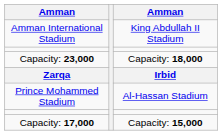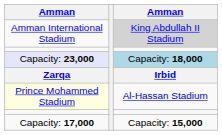 <table class=wikitable style="text-align:center;margin:1em auto;">
 <tr>
 <th width=160><a href='#'>Amman</a></th>
 <th rowspan=8><br></th>
 <th width=160><a href='#'>Amman</a></th>
 </tr>
 <tr>
 <td><a href='#'>Amman International Stadium</a></td>
-<td><a href='#'>King Abdullah II Stadium</a></td>
+<td style="background: lightgrey;"><a href='#'>King Abdullah II Stadium</a></td>
 </tr>
 <tr>
 <td></td>
 <td></td>
 </tr>
 <tr>
-<td>Capacity: <strong>23,000</strong></td>
-<td>Capacity: <strong>18,000</strong></td>
+<td style="background: lavender;">Capacity: <strong>23,000</strong></td>
+<td style="background: lightblue;">Capacity: <strong>18,000</strong></td>
 </tr>
 <tr>
 <th width=160><a href='#'>Zarqa</a></th>
 <th><a href='#'>Irbid</a></th>
 </tr>
 <tr>
-<td><a href='#'>Prince Mohammed Stadium</a></td>
+<td style="background: lightyellow;"><a href='#'>Prince Mohammed Stadium</a></td>
 <td><a href='#'>Al-Hassan Stadium</a></td>
 </tr>
 <tr>
 <td></td>
 <td></td>
 </tr>
 <tr>
 <td>Capacity: <strong>17,000</strong></td>
 <td>Capacity: <strong>15,000</strong></td>
 </tr>
 </table>
